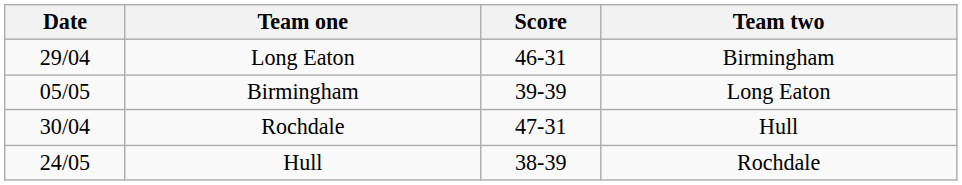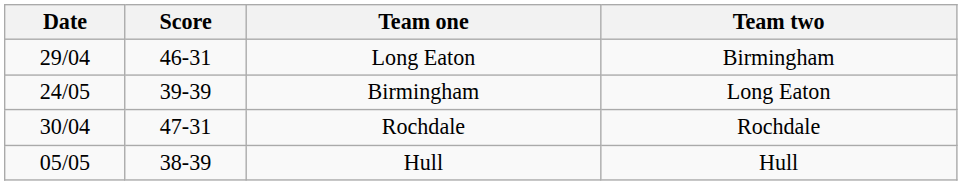 <table class="wikitable" style="text-align: center">
 <tr>
 <th width=80>Date</th>
+<th width=80>Score</th>
 <th width=250>Team one</th>
-<th width=80>Score</th>
 <th width=250>Team two</th>
 </tr>
 <tr>
 <td>29/04</td>
+<td>46-31</td>
 <td>Long Eaton</td>
-<td>46-31</td>
 <td>Birmingham</td>
 </tr>
 <tr>
-<td>05/05</td>
+<td>24/05</td>
+<td>39-39</td>
 <td>Birmingham</td>
-<td>39-39</td>
 <td>Long Eaton</td>
 </tr>
 <tr>
 <td>30/04</td>
+<td>47-31</td>
 <td>Rochdale</td>
-<td>47-31</td>
+<td>Rochdale</td>
+</tr>
+<tr>
+<td>05/05</td>
+<td>38-39</td>
+<td>Hull</td>
 <td>Hull</td>
 </tr>
-<tr>
-<td>24/05</td>
-<td>Hull</td>
-<td>38-39</td>
-<td>Rochdale</td>
-</tr>
 </table>
